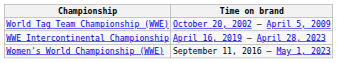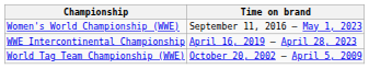 <table class="wikitable" style="text–align:center; font–size:85%">
 <tr>
 <th>Championship</th>
 <th>Time on brand</th>
 </tr>
 <tr>
-<td align="left"><a href='#'>World Tag Team Championship (WWE)</a></td>
-<td align="left"><a href='#'>October 20, 2002</a> – <a href='#'>April 5, 2009</a></td>
+<td align="left"><a href='#'>Women's World Championship (WWE)</a></td>
+<td>September 11, 2016 – <a href='#'>May 1, 2023</a></td>
 </tr>
 <tr>
 <td align="left"><a href='#'>WWE Intercontinental Championship</a></td>
 <td><a href='#'>April 16, 2019</a> – <a href='#'>April 28, 2023</a></td>
 </tr>
 <tr>
-<td align="left"><a href='#'>Women's World Championship (WWE)</a></td>
-<td>September 11, 2016 – <a href='#'>May 1, 2023</a></td>
+<td align="left"><a href='#'>World Tag Team Championship (WWE)</a></td>
+<td align="left"><a href='#'>October 20, 2002</a> – <a href='#'>April 5, 2009</a></td>
 </tr>
 </table>
